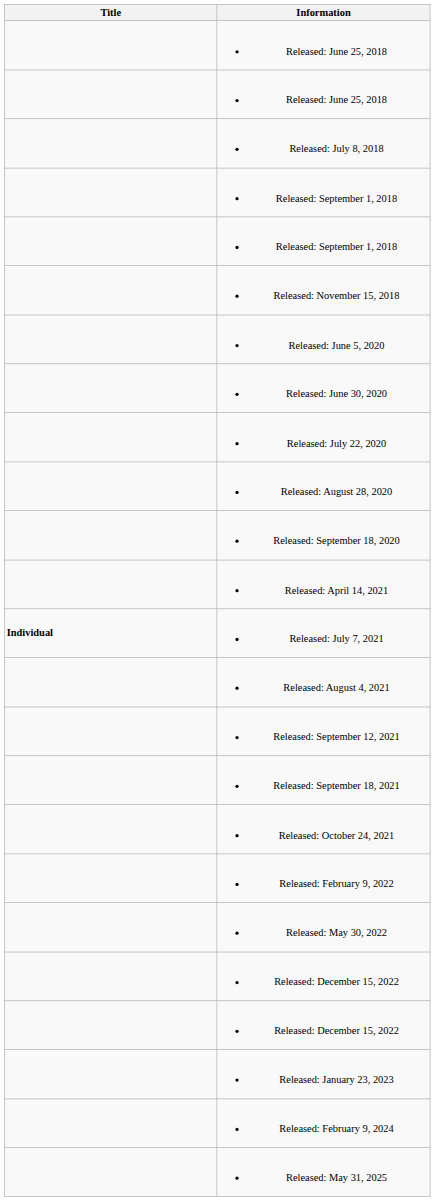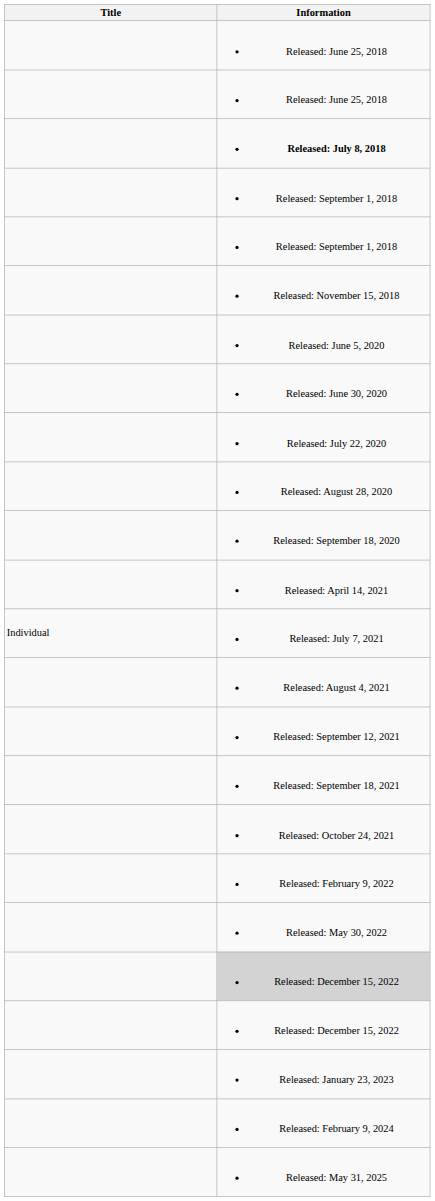 <table class="wikitable plainrowheaders" style="text-align:center">
 <tr>
 <th style="width:20em;">Title</th>
 <th style="width:20em;">Information</th>
 </tr>
 <tr>
 <td align=left></td>
 <td><br><ul><li>Released: June 25, 2018</li></ul></td>
 </tr>
 <tr>
 <td align="left"></td>
 <td><br><ul><li>Released: June 25, 2018</li></ul></td>
 </tr>
 <tr>
 <td align="left"></td>
-<td><br><ul><li>Released: July 8, 2018</li></ul></td>
+<td><strong><br><ul><li>Released: July 8, 2018</li></ul></strong></td>
 </tr>
 <tr>
 <td align="left"></td>
 <td><br><ul><li>Released: September 1, 2018</li></ul></td>
 </tr>
 <tr>
 <td align="left"></td>
 <td><br><ul><li>Released: September 1, 2018</li></ul></td>
 </tr>
 <tr>
 <td align="left"></td>
 <td><br><ul><li>Released: November 15, 2018</li></ul></td>
 </tr>
 <tr>
 <td align="left"></td>
 <td><br><ul><li>Released: June 5, 2020</li></ul></td>
 </tr>
 <tr>
 <td align="left"></td>
 <td><br><ul><li>Released: June 30, 2020</li></ul></td>
 </tr>
 <tr>
 <td align="left"></td>
 <td><br><ul><li>Released: July 22, 2020</li></ul></td>
 </tr>
 <tr>
 <td align="left"></td>
 <td><br><ul><li>Released: August 28, 2020</li></ul></td>
 </tr>
 <tr>
 <td align="left"></td>
 <td><br><ul><li>Released: September 18, 2020</li></ul></td>
 </tr>
 <tr>
 <td align="left"></td>
 <td><br><ul><li>Released: April 14, 2021</li></ul></td>
 </tr>
 <tr>
-<td align="left"><strong>Individual</strong></td>
+<td align="left">Individual</td>
 <td><br><ul><li>Released: July 7, 2021</li></ul></td>
 </tr>
 <tr>
 <td align=left></td>
 <td><br><ul><li>Released: August 4, 2021</li></ul></td>
 </tr>
 <tr>
 <td align=left></td>
 <td><br><ul><li>Released: September 12, 2021</li></ul></td>
 </tr>
 <tr>
 <td align=left></td>
 <td><br><ul><li>Released: September 18, 2021</li></ul></td>
 </tr>
 <tr>
 <td align=left></td>
 <td><br><ul><li>Released: October 24, 2021</li></ul></td>
 </tr>
 <tr>
 <td align=left></td>
 <td><br><ul><li>Released: February 9, 2022</li></ul></td>
 </tr>
 <tr>
 <td align=left></td>
 <td><br><ul><li>Released: May 30, 2022</li></ul></td>
 </tr>
 <tr>
 <td align=left></td>
-<td><br><ul><li>Released: December 15, 2022</li></ul></td>
+<td style="background: lightgrey;"><br><ul><li>Released: December 15, 2022</li></ul></td>
 </tr>
 <tr>
 <td align=left></td>
 <td><br><ul><li>Released: December 15, 2022</li></ul></td>
 </tr>
 <tr>
 <td align=left></td>
 <td><br><ul><li>Released: January 23, 2023</li></ul></td>
 </tr>
 <tr>
 <td align=left></td>
 <td><br><ul><li>Released: February 9, 2024</li></ul></td>
 </tr>
 <tr>
 <td align="left"></td>
 <td><br><ul><li>Released: May 31, 2025</li></ul></td>
 </tr>
 </table>
